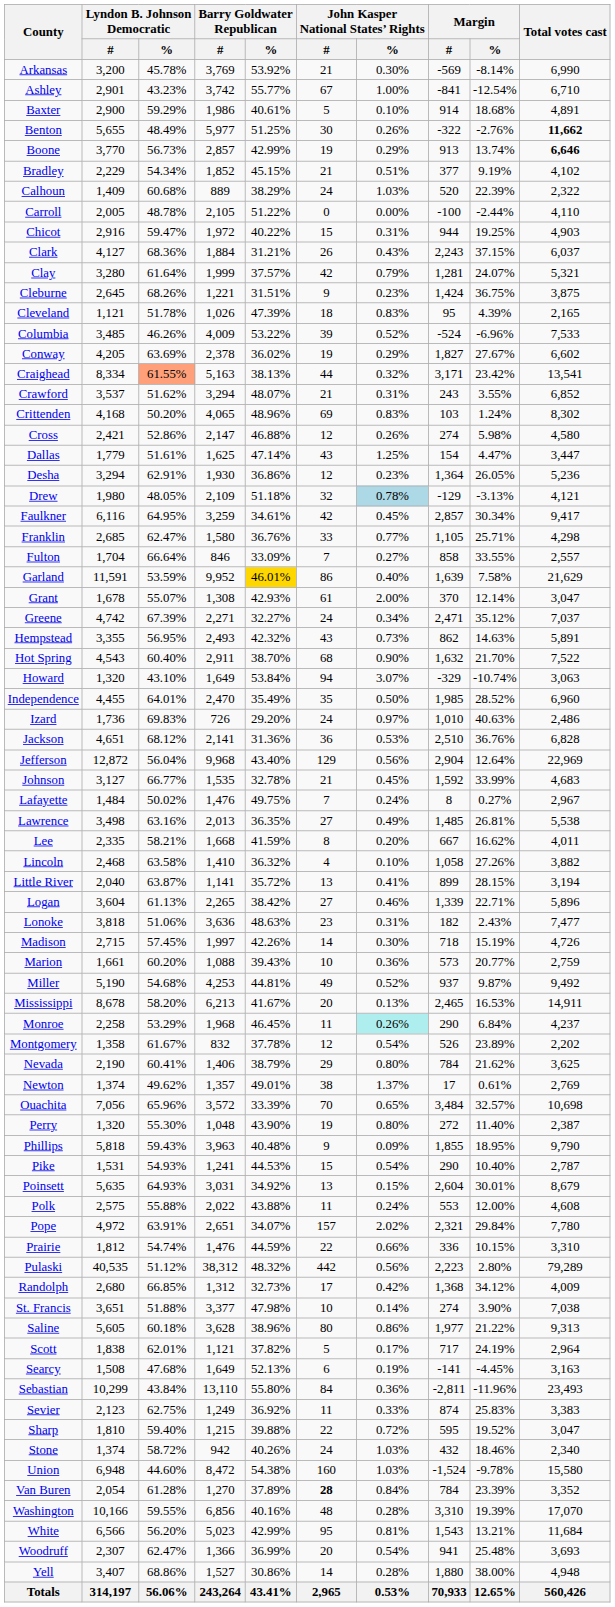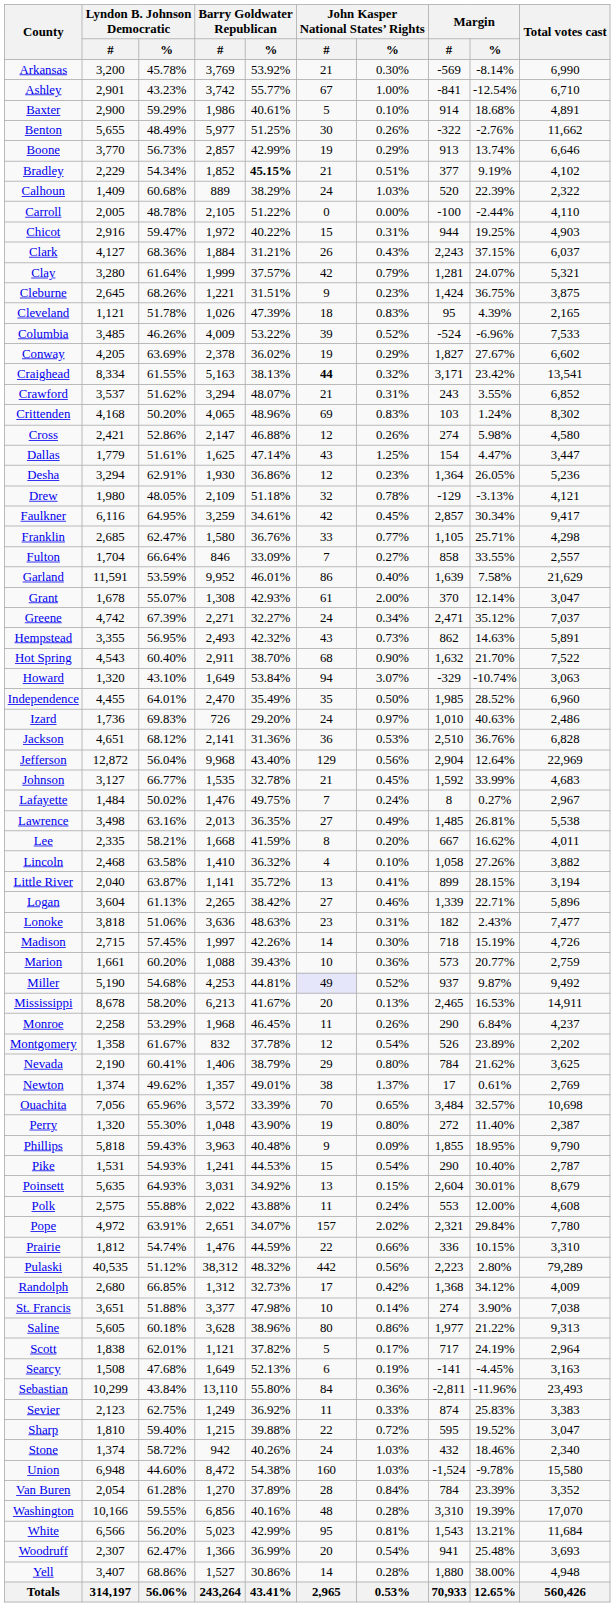 <table width="60%" class="wikitable sortable">
 <tr>
 <th rowspan="2">County</th>
 <th colspan="2">Lyndon B. Johnson<br>Democratic</th>
 <th colspan="2">Barry Goldwater<br>Republican</th>
 <th colspan="2">John Kasper<br>National States’ Rights</th>
 <th colspan="2">Margin</th>
 <th rowspan="2">Total votes cast</th>
 </tr>
 <tr>
 <th data-sort-type="number">#</th>
 <th data-sort-type="number">%</th>
 <th data-sort-type="number">#</th>
 <th data-sort-type="number">%</th>
 <th data-sort-type="number">#</th>
 <th data-sort-type="number">%</th>
 <th data-sort-type="number">#</th>
 <th data-sort-type="number">%</th>
 </tr>
 <tr style="text-align:center;">
 <td><a href='#'>Arkansas</a></td>
 <td>3,200</td>
 <td>45.78%</td>
 <td>3,769</td>
 <td>53.92%</td>
 <td>21</td>
 <td>0.30%</td>
 <td>-569</td>
 <td>-8.14%</td>
 <td>6,990</td>
 </tr>
 <tr style="text-align:center;">
 <td><a href='#'>Ashley</a></td>
 <td>2,901</td>
 <td>43.23%</td>
 <td>3,742</td>
 <td>55.77%</td>
 <td>67</td>
 <td>1.00%</td>
 <td>-841</td>
 <td>-12.54%</td>
 <td>6,710</td>
 </tr>
 <tr style="text-align:center;">
 <td><a href='#'>Baxter</a></td>
 <td>2,900</td>
 <td>59.29%</td>
 <td>1,986</td>
 <td>40.61%</td>
 <td>5</td>
 <td>0.10%</td>
 <td>914</td>
 <td>18.68%</td>
 <td>4,891</td>
 </tr>
 <tr style="text-align:center;">
 <td><a href='#'>Benton</a></td>
 <td>5,655</td>
 <td>48.49%</td>
 <td>5,977</td>
 <td>51.25%</td>
 <td>30</td>
 <td>0.26%</td>
 <td>-322</td>
 <td>-2.76%</td>
-<td><strong>11,662</strong></td>
+<td>11,662</td>
 </tr>
 <tr style="text-align:center;">
 <td><a href='#'>Boone</a></td>
 <td>3,770</td>
 <td>56.73%</td>
 <td>2,857</td>
 <td>42.99%</td>
 <td>19</td>
 <td>0.29%</td>
 <td>913</td>
 <td>13.74%</td>
-<td><strong>6,646</strong></td>
+<td>6,646</td>
 </tr>
 <tr style="text-align:center;">
 <td><a href='#'>Bradley</a></td>
 <td>2,229</td>
 <td>54.34%</td>
 <td>1,852</td>
-<td>45.15%</td>
+<td><strong>45.15%</strong></td>
 <td>21</td>
 <td>0.51%</td>
 <td>377</td>
 <td>9.19%</td>
 <td>4,102</td>
 </tr>
 <tr style="text-align:center;">
 <td><a href='#'>Calhoun</a></td>
 <td>1,409</td>
 <td>60.68%</td>
 <td>889</td>
 <td>38.29%</td>
 <td>24</td>
 <td>1.03%</td>
 <td>520</td>
 <td>22.39%</td>
 <td>2,322</td>
 </tr>
 <tr style="text-align:center;">
 <td><a href='#'>Carroll</a></td>
 <td>2,005</td>
 <td>48.78%</td>
 <td>2,105</td>
 <td>51.22%</td>
 <td>0</td>
 <td>0.00%</td>
 <td>-100</td>
 <td>-2.44%</td>
 <td>4,110</td>
 </tr>
 <tr style="text-align:center;">
 <td><a href='#'>Chicot</a></td>
 <td>2,916</td>
 <td>59.47%</td>
 <td>1,972</td>
 <td>40.22%</td>
 <td>15</td>
 <td>0.31%</td>
 <td>944</td>
 <td>19.25%</td>
 <td>4,903</td>
 </tr>
 <tr style="text-align:center;">
 <td><a href='#'>Clark</a></td>
 <td>4,127</td>
 <td>68.36%</td>
 <td>1,884</td>
 <td>31.21%</td>
 <td>26</td>
 <td>0.43%</td>
 <td>2,243</td>
 <td>37.15%</td>
 <td>6,037</td>
 </tr>
 <tr style="text-align:center;">
 <td><a href='#'>Clay</a></td>
 <td>3,280</td>
 <td>61.64%</td>
 <td>1,999</td>
 <td>37.57%</td>
 <td>42</td>
 <td>0.79%</td>
 <td>1,281</td>
 <td>24.07%</td>
 <td>5,321</td>
 </tr>
 <tr style="text-align:center;">
 <td><a href='#'>Cleburne</a></td>
 <td>2,645</td>
 <td>68.26%</td>
 <td>1,221</td>
 <td>31.51%</td>
 <td>9</td>
 <td>0.23%</td>
 <td>1,424</td>
 <td>36.75%</td>
 <td>3,875</td>
 </tr>
 <tr style="text-align:center;">
 <td><a href='#'>Cleveland</a></td>
 <td>1,121</td>
 <td>51.78%</td>
 <td>1,026</td>
 <td>47.39%</td>
 <td>18</td>
 <td>0.83%</td>
 <td>95</td>
 <td>4.39%</td>
 <td>2,165</td>
 </tr>
 <tr style="text-align:center;">
 <td><a href='#'>Columbia</a></td>
 <td>3,485</td>
 <td>46.26%</td>
 <td>4,009</td>
 <td>53.22%</td>
 <td>39</td>
 <td>0.52%</td>
 <td>-524</td>
 <td>-6.96%</td>
 <td>7,533</td>
 </tr>
 <tr style="text-align:center;">
 <td><a href='#'>Conway</a></td>
 <td>4,205</td>
 <td>63.69%</td>
 <td>2,378</td>
 <td>36.02%</td>
 <td>19</td>
 <td>0.29%</td>
 <td>1,827</td>
 <td>27.67%</td>
 <td>6,602</td>
 </tr>
 <tr style="text-align:center;">
 <td><a href='#'>Craighead</a></td>
 <td>8,334</td>
-<td style="background: lightsalmon;">61.55%</td>
+<td>61.55%</td>
 <td>5,163</td>
 <td>38.13%</td>
-<td>44</td>
+<td><strong>44</strong></td>
 <td>0.32%</td>
 <td>3,171</td>
 <td>23.42%</td>
 <td>13,541</td>
 </tr>
 <tr style="text-align:center;">
 <td><a href='#'>Crawford</a></td>
 <td>3,537</td>
 <td>51.62%</td>
 <td>3,294</td>
 <td>48.07%</td>
 <td>21</td>
 <td>0.31%</td>
 <td>243</td>
 <td>3.55%</td>
 <td>6,852</td>
 </tr>
 <tr style="text-align:center;">
 <td><a href='#'>Crittenden</a></td>
 <td>4,168</td>
 <td>50.20%</td>
 <td>4,065</td>
 <td>48.96%</td>
 <td>69</td>
 <td>0.83%</td>
 <td>103</td>
 <td>1.24%</td>
 <td>8,302</td>
 </tr>
 <tr style="text-align:center;">
 <td><a href='#'>Cross</a></td>
 <td>2,421</td>
 <td>52.86%</td>
 <td>2,147</td>
 <td>46.88%</td>
 <td>12</td>
 <td>0.26%</td>
 <td>274</td>
 <td>5.98%</td>
 <td>4,580</td>
 </tr>
 <tr style="text-align:center;">
 <td><a href='#'>Dallas</a></td>
 <td>1,779</td>
 <td>51.61%</td>
 <td>1,625</td>
 <td>47.14%</td>
 <td>43</td>
 <td>1.25%</td>
 <td>154</td>
 <td>4.47%</td>
 <td>3,447</td>
 </tr>
 <tr style="text-align:center;">
 <td><a href='#'>Desha</a></td>
 <td>3,294</td>
 <td>62.91%</td>
 <td>1,930</td>
 <td>36.86%</td>
 <td>12</td>
 <td>0.23%</td>
 <td>1,364</td>
 <td>26.05%</td>
 <td>5,236</td>
 </tr>
 <tr style="text-align:center;">
 <td><a href='#'>Drew</a></td>
 <td>1,980</td>
 <td>48.05%</td>
 <td>2,109</td>
 <td>51.18%</td>
 <td>32</td>
-<td style="background: lightblue;">0.78%</td>
+<td>0.78%</td>
 <td>-129</td>
 <td>-3.13%</td>
 <td>4,121</td>
 </tr>
 <tr style="text-align:center;">
 <td><a href='#'>Faulkner</a></td>
 <td>6,116</td>
 <td>64.95%</td>
 <td>3,259</td>
 <td>34.61%</td>
 <td>42</td>
 <td>0.45%</td>
 <td>2,857</td>
 <td>30.34%</td>
 <td>9,417</td>
 </tr>
 <tr style="text-align:center;">
 <td><a href='#'>Franklin</a></td>
 <td>2,685</td>
 <td>62.47%</td>
 <td>1,580</td>
 <td>36.76%</td>
 <td>33</td>
 <td>0.77%</td>
 <td>1,105</td>
 <td>25.71%</td>
 <td>4,298</td>
 </tr>
 <tr style="text-align:center;">
 <td><a href='#'>Fulton</a></td>
 <td>1,704</td>
 <td>66.64%</td>
 <td>846</td>
 <td>33.09%</td>
 <td>7</td>
 <td>0.27%</td>
 <td>858</td>
 <td>33.55%</td>
 <td>2,557</td>
 </tr>
 <tr style="text-align:center;">
 <td><a href='#'>Garland</a></td>
 <td>11,591</td>
 <td>53.59%</td>
 <td>9,952</td>
-<td style="background: gold;">46.01%</td>
+<td>46.01%</td>
 <td>86</td>
 <td>0.40%</td>
 <td>1,639</td>
 <td>7.58%</td>
 <td>21,629</td>
 </tr>
 <tr style="text-align:center;">
 <td><a href='#'>Grant</a></td>
 <td>1,678</td>
 <td>55.07%</td>
 <td>1,308</td>
 <td>42.93%</td>
 <td>61</td>
 <td>2.00%</td>
 <td>370</td>
 <td>12.14%</td>
 <td>3,047</td>
 </tr>
 <tr style="text-align:center;">
 <td><a href='#'>Greene</a></td>
 <td>4,742</td>
 <td>67.39%</td>
 <td>2,271</td>
 <td>32.27%</td>
 <td>24</td>
 <td>0.34%</td>
 <td>2,471</td>
 <td>35.12%</td>
 <td>7,037</td>
 </tr>
 <tr style="text-align:center;">
 <td><a href='#'>Hempstead</a></td>
 <td>3,355</td>
 <td>56.95%</td>
 <td>2,493</td>
 <td>42.32%</td>
 <td>43</td>
 <td>0.73%</td>
 <td>862</td>
 <td>14.63%</td>
 <td>5,891</td>
 </tr>
 <tr style="text-align:center;">
 <td><a href='#'>Hot Spring</a></td>
 <td>4,543</td>
 <td>60.40%</td>
 <td>2,911</td>
 <td>38.70%</td>
 <td>68</td>
 <td>0.90%</td>
 <td>1,632</td>
 <td>21.70%</td>
 <td>7,522</td>
 </tr>
 <tr style="text-align:center;">
 <td><a href='#'>Howard</a></td>
 <td>1,320</td>
 <td>43.10%</td>
 <td>1,649</td>
 <td>53.84%</td>
 <td>94</td>
 <td>3.07%</td>
 <td>-329</td>
 <td>-10.74%</td>
 <td>3,063</td>
 </tr>
 <tr style="text-align:center;">
 <td><a href='#'>Independence</a></td>
 <td>4,455</td>
 <td>64.01%</td>
 <td>2,470</td>
 <td>35.49%</td>
 <td>35</td>
 <td>0.50%</td>
 <td>1,985</td>
 <td>28.52%</td>
 <td>6,960</td>
 </tr>
 <tr style="text-align:center;">
 <td><a href='#'>Izard</a></td>
 <td>1,736</td>
 <td>69.83%</td>
 <td>726</td>
 <td>29.20%</td>
 <td>24</td>
 <td>0.97%</td>
 <td>1,010</td>
 <td>40.63%</td>
 <td>2,486</td>
 </tr>
 <tr style="text-align:center;">
 <td><a href='#'>Jackson</a></td>
 <td>4,651</td>
 <td>68.12%</td>
 <td>2,141</td>
 <td>31.36%</td>
 <td>36</td>
 <td>0.53%</td>
 <td>2,510</td>
 <td>36.76%</td>
 <td>6,828</td>
 </tr>
 <tr style="text-align:center;">
 <td><a href='#'>Jefferson</a></td>
 <td>12,872</td>
 <td>56.04%</td>
 <td>9,968</td>
 <td>43.40%</td>
 <td>129</td>
 <td>0.56%</td>
 <td>2,904</td>
 <td>12.64%</td>
 <td>22,969</td>
 </tr>
 <tr style="text-align:center;">
 <td><a href='#'>Johnson</a></td>
 <td>3,127</td>
 <td>66.77%</td>
 <td>1,535</td>
 <td>32.78%</td>
 <td>21</td>
 <td>0.45%</td>
 <td>1,592</td>
 <td>33.99%</td>
 <td>4,683</td>
 </tr>
 <tr style="text-align:center;">
 <td><a href='#'>Lafayette</a></td>
 <td>1,484</td>
 <td>50.02%</td>
 <td>1,476</td>
 <td>49.75%</td>
 <td>7</td>
 <td>0.24%</td>
 <td>8</td>
 <td>0.27%</td>
 <td>2,967</td>
 </tr>
 <tr style="text-align:center;">
 <td><a href='#'>Lawrence</a></td>
 <td>3,498</td>
 <td>63.16%</td>
 <td>2,013</td>
 <td>36.35%</td>
 <td>27</td>
 <td>0.49%</td>
 <td>1,485</td>
 <td>26.81%</td>
 <td>5,538</td>
 </tr>
 <tr style="text-align:center;">
 <td><a href='#'>Lee</a></td>
 <td>2,335</td>
 <td>58.21%</td>
 <td>1,668</td>
 <td>41.59%</td>
 <td>8</td>
 <td>0.20%</td>
 <td>667</td>
 <td>16.62%</td>
 <td>4,011</td>
 </tr>
 <tr style="text-align:center;">
 <td><a href='#'>Lincoln</a></td>
 <td>2,468</td>
 <td>63.58%</td>
 <td>1,410</td>
 <td>36.32%</td>
 <td>4</td>
 <td>0.10%</td>
 <td>1,058</td>
 <td>27.26%</td>
 <td>3,882</td>
 </tr>
 <tr style="text-align:center;">
 <td><a href='#'>Little River</a></td>
 <td>2,040</td>
 <td>63.87%</td>
 <td>1,141</td>
 <td>35.72%</td>
 <td>13</td>
 <td>0.41%</td>
 <td>899</td>
 <td>28.15%</td>
 <td>3,194</td>
 </tr>
 <tr style="text-align:center;">
 <td><a href='#'>Logan</a></td>
 <td>3,604</td>
 <td>61.13%</td>
 <td>2,265</td>
 <td>38.42%</td>
 <td>27</td>
 <td>0.46%</td>
 <td>1,339</td>
 <td>22.71%</td>
 <td>5,896</td>
 </tr>
 <tr style="text-align:center;">
 <td><a href='#'>Lonoke</a></td>
 <td>3,818</td>
 <td>51.06%</td>
 <td>3,636</td>
 <td>48.63%</td>
 <td>23</td>
 <td>0.31%</td>
 <td>182</td>
 <td>2.43%</td>
 <td>7,477</td>
 </tr>
 <tr style="text-align:center;">
 <td><a href='#'>Madison</a></td>
 <td>2,715</td>
 <td>57.45%</td>
 <td>1,997</td>
 <td>42.26%</td>
 <td>14</td>
 <td>0.30%</td>
 <td>718</td>
 <td>15.19%</td>
 <td>4,726</td>
 </tr>
 <tr style="text-align:center;">
 <td><a href='#'>Marion</a></td>
 <td>1,661</td>
 <td>60.20%</td>
 <td>1,088</td>
 <td>39.43%</td>
 <td>10</td>
 <td>0.36%</td>
 <td>573</td>
 <td>20.77%</td>
 <td>2,759</td>
 </tr>
 <tr style="text-align:center;">
 <td><a href='#'>Miller</a></td>
 <td>5,190</td>
 <td>54.68%</td>
 <td>4,253</td>
 <td>44.81%</td>
-<td>49</td>
+<td style="background: lavender;">49</td>
 <td>0.52%</td>
 <td>937</td>
 <td>9.87%</td>
 <td>9,492</td>
 </tr>
 <tr style="text-align:center;">
 <td><a href='#'>Mississippi</a></td>
 <td>8,678</td>
 <td>58.20%</td>
 <td>6,213</td>
 <td>41.67%</td>
 <td>20</td>
 <td>0.13%</td>
 <td>2,465</td>
 <td>16.53%</td>
 <td>14,911</td>
 </tr>
 <tr style="text-align:center;">
 <td><a href='#'>Monroe</a></td>
 <td>2,258</td>
 <td>53.29%</td>
 <td>1,968</td>
 <td>46.45%</td>
 <td>11</td>
-<td style="background: paleturquoise;">0.26%</td>
+<td>0.26%</td>
 <td>290</td>
 <td>6.84%</td>
 <td>4,237</td>
 </tr>
 <tr style="text-align:center;">
 <td><a href='#'>Montgomery</a></td>
 <td>1,358</td>
 <td>61.67%</td>
 <td>832</td>
 <td>37.78%</td>
 <td>12</td>
 <td>0.54%</td>
 <td>526</td>
 <td>23.89%</td>
 <td>2,202</td>
 </tr>
 <tr style="text-align:center;">
 <td><a href='#'>Nevada</a></td>
 <td>2,190</td>
 <td>60.41%</td>
 <td>1,406</td>
 <td>38.79%</td>
 <td>29</td>
 <td>0.80%</td>
 <td>784</td>
 <td>21.62%</td>
 <td>3,625</td>
 </tr>
 <tr style="text-align:center;">
 <td><a href='#'>Newton</a></td>
 <td>1,374</td>
 <td>49.62%</td>
 <td>1,357</td>
 <td>49.01%</td>
 <td>38</td>
 <td>1.37%</td>
 <td>17</td>
 <td>0.61%</td>
 <td>2,769</td>
 </tr>
 <tr style="text-align:center;">
 <td><a href='#'>Ouachita</a></td>
 <td>7,056</td>
 <td>65.96%</td>
 <td>3,572</td>
 <td>33.39%</td>
 <td>70</td>
 <td>0.65%</td>
 <td>3,484</td>
 <td>32.57%</td>
 <td>10,698</td>
 </tr>
 <tr style="text-align:center;">
 <td><a href='#'>Perry</a></td>
 <td>1,320</td>
 <td>55.30%</td>
 <td>1,048</td>
 <td>43.90%</td>
 <td>19</td>
 <td>0.80%</td>
 <td>272</td>
 <td>11.40%</td>
 <td>2,387</td>
 </tr>
 <tr style="text-align:center;">
 <td><a href='#'>Phillips</a></td>
 <td>5,818</td>
 <td>59.43%</td>
 <td>3,963</td>
 <td>40.48%</td>
 <td>9</td>
 <td>0.09%</td>
 <td>1,855</td>
 <td>18.95%</td>
 <td>9,790</td>
 </tr>
 <tr style="text-align:center;">
 <td><a href='#'>Pike</a></td>
 <td>1,531</td>
 <td>54.93%</td>
 <td>1,241</td>
 <td>44.53%</td>
 <td>15</td>
 <td>0.54%</td>
 <td>290</td>
 <td>10.40%</td>
 <td>2,787</td>
 </tr>
 <tr style="text-align:center;">
 <td><a href='#'>Poinsett</a></td>
 <td>5,635</td>
 <td>64.93%</td>
 <td>3,031</td>
 <td>34.92%</td>
 <td>13</td>
 <td>0.15%</td>
 <td>2,604</td>
 <td>30.01%</td>
 <td>8,679</td>
 </tr>
 <tr style="text-align:center;">
 <td><a href='#'>Polk</a></td>
 <td>2,575</td>
 <td>55.88%</td>
 <td>2,022</td>
 <td>43.88%</td>
 <td>11</td>
 <td>0.24%</td>
 <td>553</td>
 <td>12.00%</td>
 <td>4,608</td>
 </tr>
 <tr style="text-align:center;">
 <td><a href='#'>Pope</a></td>
 <td>4,972</td>
 <td>63.91%</td>
 <td>2,651</td>
 <td>34.07%</td>
 <td>157</td>
 <td>2.02%</td>
 <td>2,321</td>
 <td>29.84%</td>
 <td>7,780</td>
 </tr>
 <tr style="text-align:center;">
 <td><a href='#'>Prairie</a></td>
 <td>1,812</td>
 <td>54.74%</td>
 <td>1,476</td>
 <td>44.59%</td>
 <td>22</td>
 <td>0.66%</td>
 <td>336</td>
 <td>10.15%</td>
 <td>3,310</td>
 </tr>
 <tr style="text-align:center;">
 <td><a href='#'>Pulaski</a></td>
 <td>40,535</td>
 <td>51.12%</td>
 <td>38,312</td>
 <td>48.32%</td>
 <td>442</td>
 <td>0.56%</td>
 <td>2,223</td>
 <td>2.80%</td>
 <td>79,289</td>
 </tr>
 <tr style="text-align:center;">
 <td><a href='#'>Randolph</a></td>
 <td>2,680</td>
 <td>66.85%</td>
 <td>1,312</td>
 <td>32.73%</td>
 <td>17</td>
 <td>0.42%</td>
 <td>1,368</td>
 <td>34.12%</td>
 <td>4,009</td>
 </tr>
 <tr style="text-align:center;">
 <td><a href='#'>St. Francis</a></td>
 <td>3,651</td>
 <td>51.88%</td>
 <td>3,377</td>
 <td>47.98%</td>
 <td>10</td>
 <td>0.14%</td>
 <td>274</td>
 <td>3.90%</td>
 <td>7,038</td>
 </tr>
 <tr style="text-align:center;">
 <td><a href='#'>Saline</a></td>
 <td>5,605</td>
 <td>60.18%</td>
 <td>3,628</td>
 <td>38.96%</td>
 <td>80</td>
 <td>0.86%</td>
 <td>1,977</td>
 <td>21.22%</td>
 <td>9,313</td>
 </tr>
 <tr style="text-align:center;">
 <td><a href='#'>Scott</a></td>
 <td>1,838</td>
 <td>62.01%</td>
 <td>1,121</td>
 <td>37.82%</td>
 <td>5</td>
 <td>0.17%</td>
 <td>717</td>
 <td>24.19%</td>
 <td>2,964</td>
 </tr>
 <tr style="text-align:center;">
 <td><a href='#'>Searcy</a></td>
 <td>1,508</td>
 <td>47.68%</td>
 <td>1,649</td>
 <td>52.13%</td>
 <td>6</td>
 <td>0.19%</td>
 <td>-141</td>
 <td>-4.45%</td>
 <td>3,163</td>
 </tr>
 <tr style="text-align:center;">
 <td><a href='#'>Sebastian</a></td>
 <td>10,299</td>
 <td>43.84%</td>
 <td>13,110</td>
 <td>55.80%</td>
 <td>84</td>
 <td>0.36%</td>
 <td>-2,811</td>
 <td>-11.96%</td>
 <td>23,493</td>
 </tr>
 <tr style="text-align:center;">
 <td><a href='#'>Sevier</a></td>
 <td>2,123</td>
 <td>62.75%</td>
 <td>1,249</td>
 <td>36.92%</td>
 <td>11</td>
 <td>0.33%</td>
 <td>874</td>
 <td>25.83%</td>
 <td>3,383</td>
 </tr>
 <tr style="text-align:center;">
 <td><a href='#'>Sharp</a></td>
 <td>1,810</td>
 <td>59.40%</td>
 <td>1,215</td>
 <td>39.88%</td>
 <td>22</td>
 <td>0.72%</td>
 <td>595</td>
 <td>19.52%</td>
 <td>3,047</td>
 </tr>
 <tr style="text-align:center;">
 <td><a href='#'>Stone</a></td>
 <td>1,374</td>
 <td>58.72%</td>
 <td>942</td>
 <td>40.26%</td>
 <td>24</td>
 <td>1.03%</td>
 <td>432</td>
 <td>18.46%</td>
 <td>2,340</td>
 </tr>
 <tr style="text-align:center;">
 <td><a href='#'>Union</a></td>
 <td>6,948</td>
 <td>44.60%</td>
 <td>8,472</td>
 <td>54.38%</td>
 <td>160</td>
 <td>1.03%</td>
 <td>-1,524</td>
 <td>-9.78%</td>
 <td>15,580</td>
 </tr>
 <tr style="text-align:center;">
 <td><a href='#'>Van Buren</a></td>
 <td>2,054</td>
 <td>61.28%</td>
 <td>1,270</td>
 <td>37.89%</td>
-<td><strong>28</strong></td>
+<td>28</td>
 <td>0.84%</td>
 <td>784</td>
 <td>23.39%</td>
 <td>3,352</td>
 </tr>
 <tr style="text-align:center;">
 <td><a href='#'>Washington</a></td>
 <td>10,166</td>
 <td>59.55%</td>
 <td>6,856</td>
 <td>40.16%</td>
 <td>48</td>
 <td>0.28%</td>
 <td>3,310</td>
 <td>19.39%</td>
 <td>17,070</td>
 </tr>
 <tr style="text-align:center;">
 <td><a href='#'>White</a></td>
 <td>6,566</td>
 <td>56.20%</td>
 <td>5,023</td>
 <td>42.99%</td>
 <td>95</td>
 <td>0.81%</td>
 <td>1,543</td>
 <td>13.21%</td>
 <td>11,684</td>
 </tr>
 <tr style="text-align:center;">
 <td><a href='#'>Woodruff</a></td>
 <td>2,307</td>
 <td>62.47%</td>
 <td>1,366</td>
 <td>36.99%</td>
 <td>20</td>
 <td>0.54%</td>
 <td>941</td>
 <td>25.48%</td>
 <td>3,693</td>
 </tr>
 <tr style="text-align:center;">
 <td><a href='#'>Yell</a></td>
 <td>3,407</td>
 <td>68.86%</td>
 <td>1,527</td>
 <td>30.86%</td>
 <td>14</td>
 <td>0.28%</td>
 <td>1,880</td>
 <td>38.00%</td>
 <td>4,948</td>
 </tr>
 <tr>
 <th>Totals</th>
 <th>314,197</th>
 <th>56.06%</th>
 <th>243,264</th>
 <th>43.41%</th>
 <th>2,965</th>
 <th>0.53%</th>
 <th>70,933</th>
 <th>12.65%</th>
 <th>560,426</th>
 </tr>
 </table>
